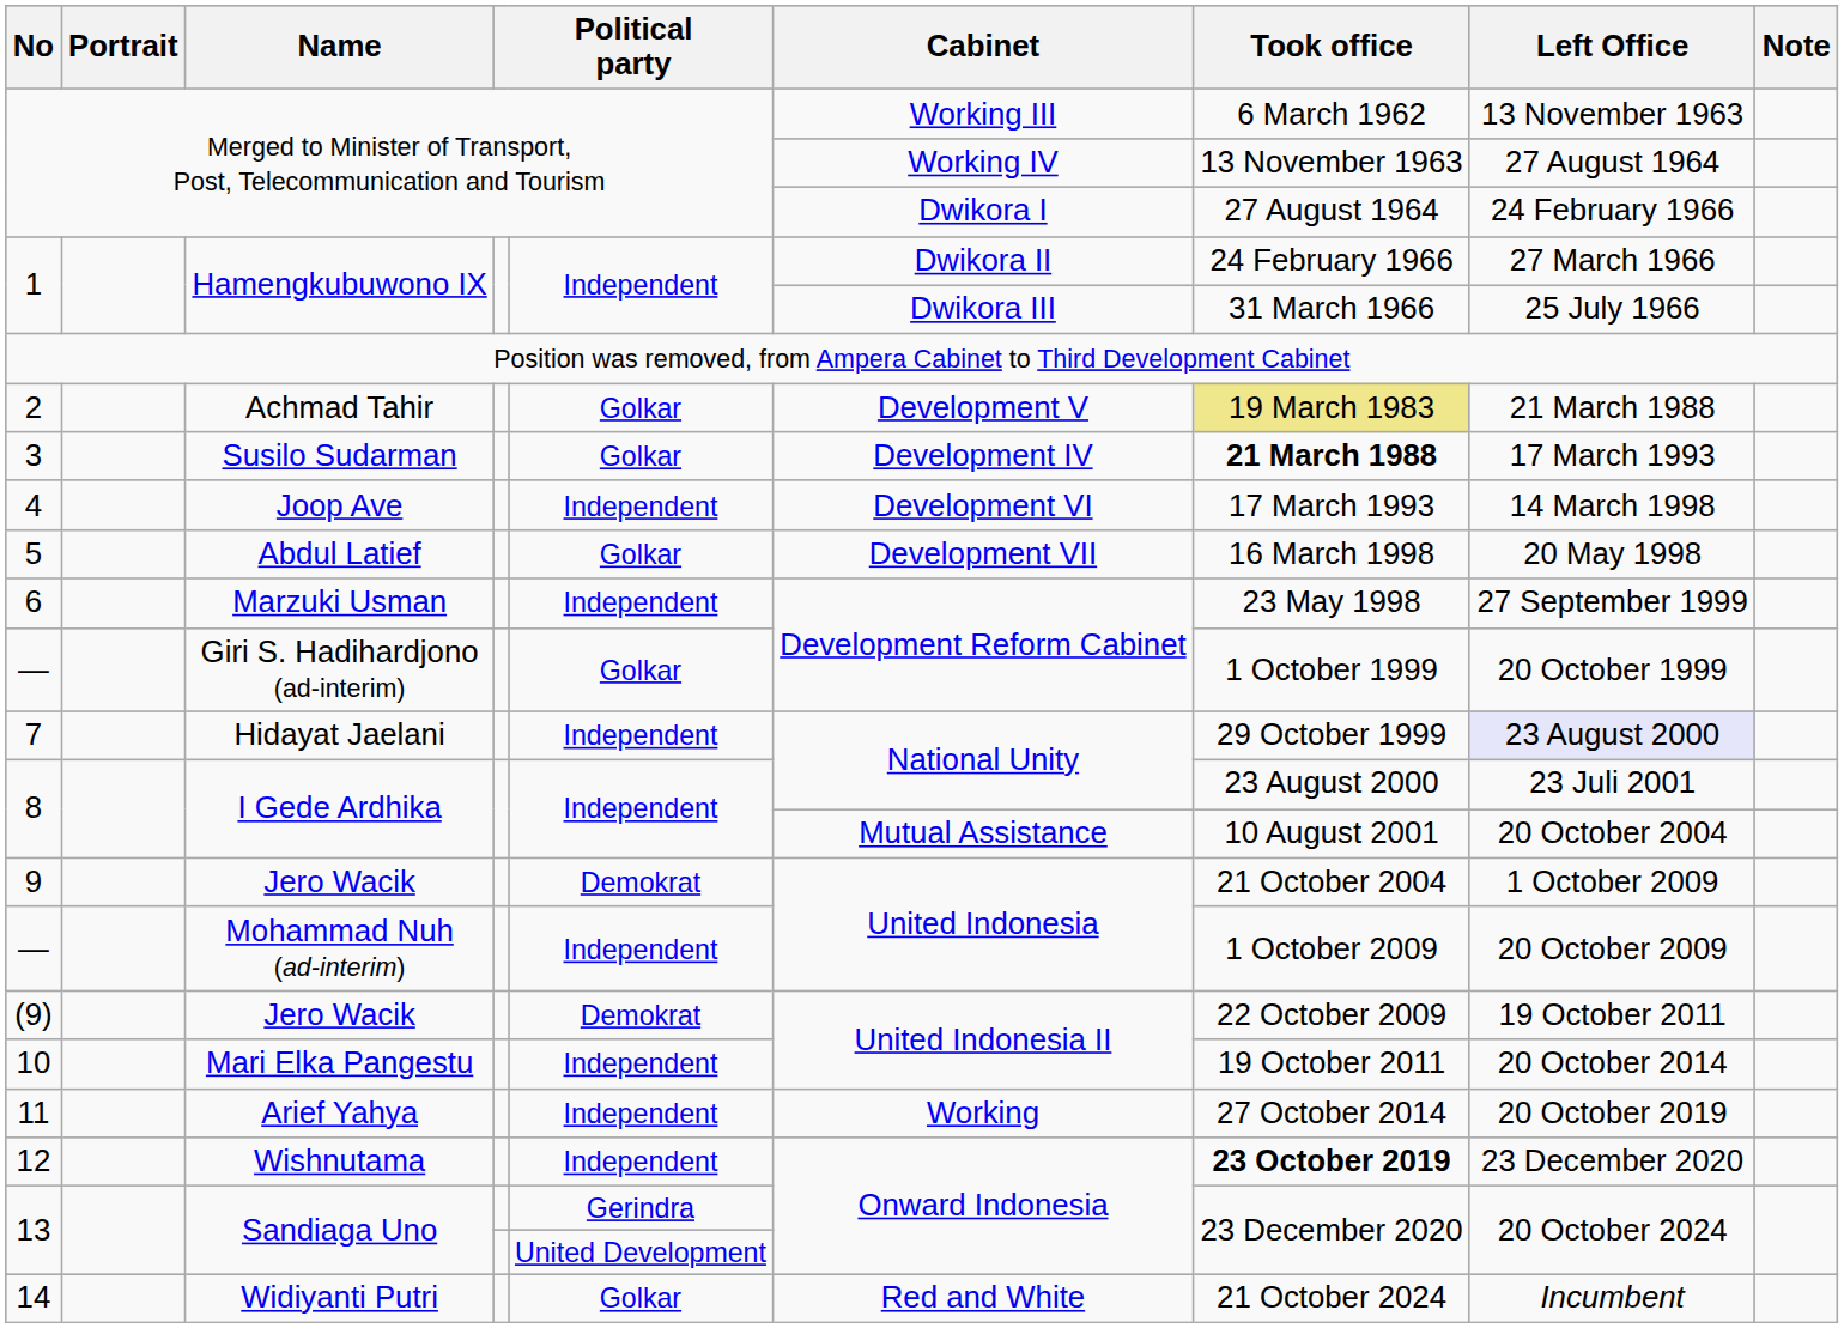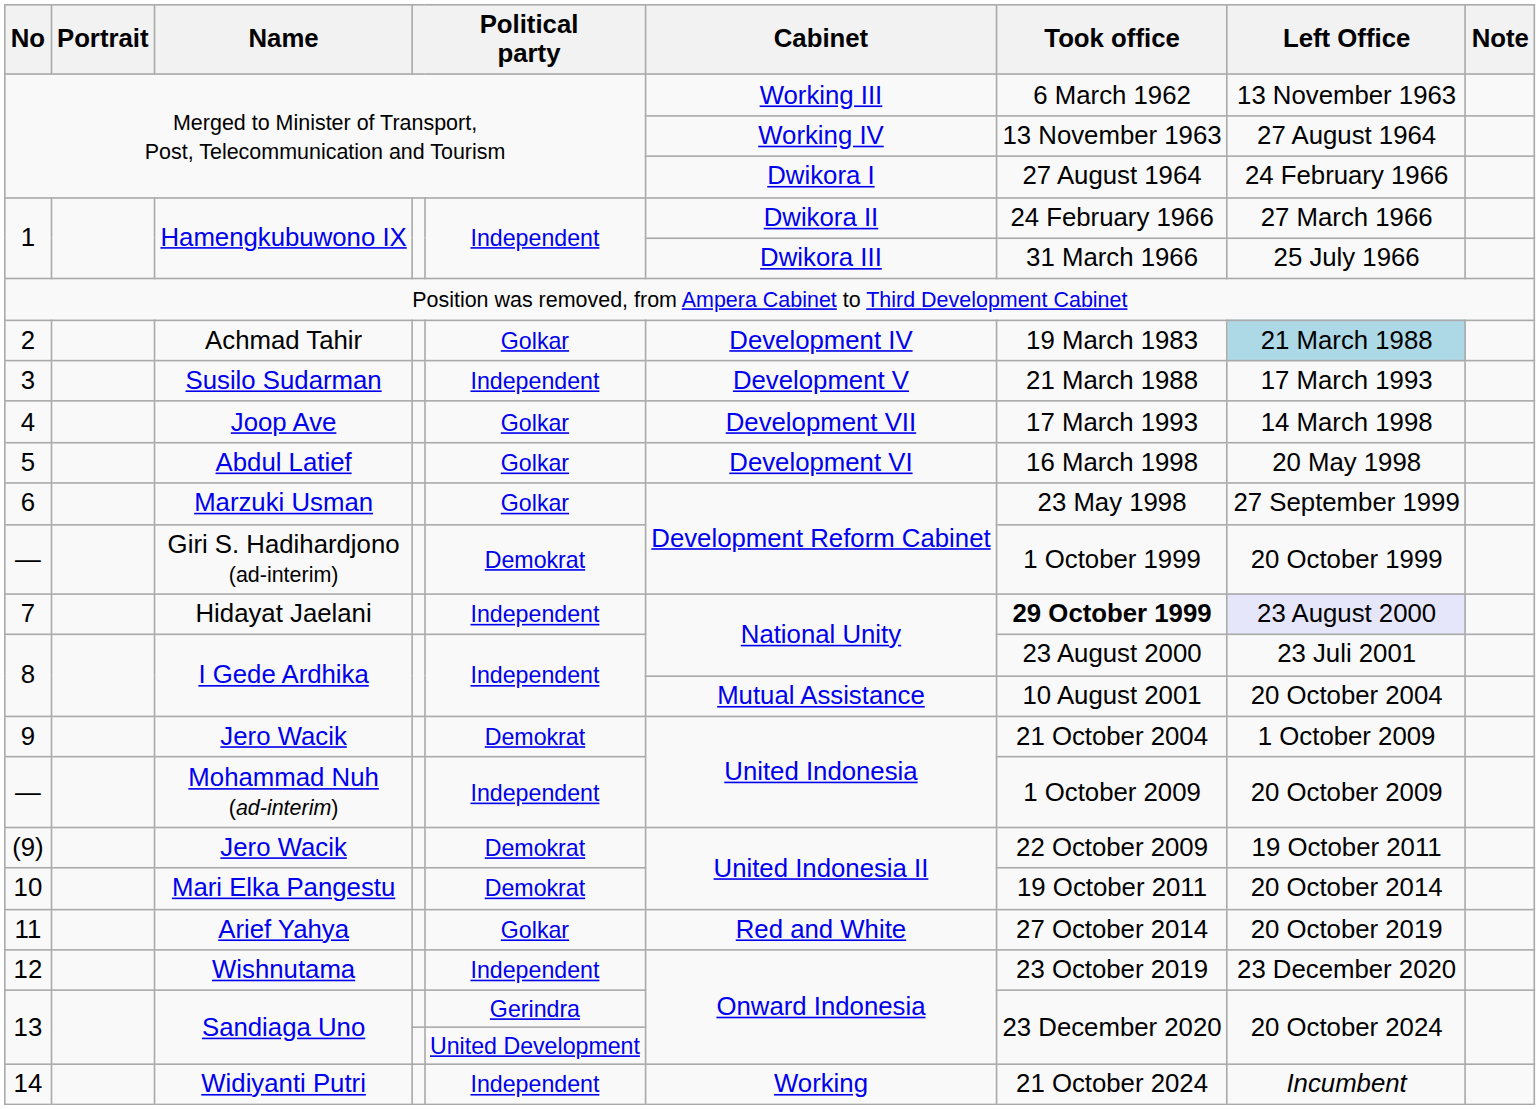 <table class="wikitable" style="text-align:center;">
 <tr style="background-color:#cfc;">
 <th>No</th>
 <th>Portrait</th>
 <th>Name</th>
 <th colspan=2>Political<br>party</th>
 <th>Cabinet</th>
 <th>Took office</th>
 <th>Left Office</th>
 <th>Note</th>
 </tr>
 <tr style="background:#F9F9F9">
 <td colspan=5 rowspan=3><small>Merged to Minister of Transport,<br> Post, Telecommunication and Tourism</small></td>
 <td><a href='#'>Working III</a></td>
 <td>6 March 1962</td>
 <td>13 November 1963</td>
 <td></td>
 </tr>
 <tr style="background:#F9F9F9">
 <td><a href='#'>Working IV</a></td>
 <td>13 November 1963</td>
 <td>27 August 1964</td>
 <td> </td>
 </tr>
 <tr style="background:#F9F9F9">
 <td><a href='#'>Dwikora I</a></td>
 <td>27 August 1964</td>
 <td>24 February 1966</td>
 <td> </td>
 </tr>
 <tr style="background:#F9F9F9">
 <td rowspan=2>1</td>
 <td rowspan=2></td>
 <td rowspan=2><a href='#'>Hamengkubuwono IX</a></td>
 <td rowspan=2 bgcolor=></td>
 <td rowspan=2 style="font-size: 90%"><a href='#'>Independent</a></td>
 <td><a href='#'>Dwikora II</a></td>
 <td>24 February 1966</td>
 <td>27 March 1966</td>
 <td></td>
 </tr>
 <tr>
 <td><a href='#'>Dwikora III</a></td>
 <td>31 March 1966</td>
 <td>25 July 1966</td>
 <td></td>
 </tr>
 <tr>
 <td colspan=9><small>Position was removed, from <a href='#'>Ampera Cabinet</a> to <a href='#'>Third Development Cabinet</a></small></td>
 </tr>
 <tr>
 <td>2</td>
 <td></td>
 <td>Achmad Tahir</td>
 <td bgcolor=></td>
 <td style="font-size: 90%"><a href='#'>Golkar</a></td>
-<td><a href='#'>Development V</a></td>
-<td style="background: khaki;">19 March 1983</td>
-<td>21 March 1988</td>
+<td><a href='#'>Development IV</a></td>
+<td>19 March 1983</td>
+<td style="background: lightblue;">21 March 1988</td>
 <td></td>
 </tr>
 <tr style="background:#F9F9F9">
 <td>3</td>
 <td></td>
 <td><a href='#'>Susilo Sudarman</a></td>
 <td bgcolor=></td>
-<td style="font-size: 90%"><a href='#'>Golkar</a></td>
-<td><a href='#'>Development IV</a></td>
-<td><strong>21 March 1988</strong></td>
+<td style="font-size: 90%"><a href='#'>Independent</a></td>
+<td><a href='#'>Development V</a></td>
+<td>21 March 1988</td>
 <td>17 March 1993</td>
 <td> </td>
 </tr>
 <tr style="background:#F9F9F9">
 <td>4</td>
 <td></td>
 <td><a href='#'>Joop Ave</a></td>
 <td bgcolor=></td>
-<td style="font-size: 90%"><a href='#'>Independent</a></td>
-<td><a href='#'>Development VI</a></td>
+<td style="font-size: 90%"><a href='#'>Golkar</a></td>
+<td><a href='#'>Development VII</a></td>
 <td>17 March 1993</td>
 <td>14 March 1998</td>
 <td> </td>
 </tr>
 <tr style="background:#F9F9F9">
 <td>5</td>
 <td></td>
 <td><a href='#'>Abdul Latief</a></td>
 <td bgcolor=></td>
 <td style="font-size: 90%"><a href='#'>Golkar</a></td>
-<td><a href='#'>Development VII</a></td>
+<td><a href='#'>Development VI</a></td>
 <td>16 March 1998</td>
 <td>20 May 1998</td>
 <td></td>
 </tr>
 <tr style="background:#F9F9F9">
 <td>6</td>
 <td></td>
 <td><a href='#'>Marzuki Usman</a></td>
 <td bgcolor=></td>
-<td style="font-size: 90%"><a href='#'>Independent</a></td>
+<td style="font-size: 90%"><a href='#'>Golkar</a></td>
 <td rowspan=2><a href='#'>Development Reform Cabinet</a></td>
 <td>23 May 1998</td>
 <td>27 September 1999</td>
 <td></td>
 </tr>
 <tr style="background:#F9F9F9">
 <td>—</td>
 <td></td>
 <td>Giri S. Hadihardjono<br><small>(ad-interim)</small></td>
 <td bgcolor=></td>
-<td style="font-size: 90%"><a href='#'>Golkar</a></td>
+<td style="font-size: 90%"><a href='#'>Demokrat</a></td>
 <td>1 October 1999</td>
 <td>20 October 1999</td>
 <td></td>
 </tr>
 <tr>
 <td>7</td>
 <td></td>
 <td>Hidayat Jaelani</td>
 <td bgcolor=></td>
 <td style="font-size: 90%"><a href='#'>Independent</a></td>
 <td rowspan=2><a href='#'>National Unity</a></td>
-<td>29 October 1999</td>
+<td><strong>29 October 1999</strong></td>
 <td style="background: lavender;">23 August 2000</td>
 <td></td>
 </tr>
 <tr style="background:#F9F9F9">
 <td align="center" rowspan=2>8</td>
 <td rowspan=2></td>
 <td rowspan=2><a href='#'>I Gede Ardhika</a></td>
 <td rowspan=2 bgcolor=></td>
 <td rowspan=2 style="font-size: 90%"><a href='#'>Independent</a></td>
 <td>23 August 2000</td>
 <td>23 Juli 2001</td>
 <td></td>
 </tr>
 <tr style="background:#F9F9F9">
 <td><a href='#'>Mutual Assistance</a></td>
 <td>10 August 2001</td>
 <td>20 October 2004</td>
 <td></td>
 </tr>
 <tr style="background:#F9F9F9">
 <td>9</td>
 <td></td>
 <td><a href='#'>Jero Wacik</a></td>
 <td bgcolor=></td>
 <td style="font-size: 90%"><a href='#'>Demokrat</a></td>
 <td rowspan=2><a href='#'>United Indonesia</a></td>
 <td>21 October 2004</td>
 <td>1 October 2009</td>
 <td></td>
 </tr>
 <tr style="background:#F9F9F9">
 <td>—</td>
 <td></td>
 <td><a href='#'>Mohammad Nuh</a><small><br> (<em>ad-interim</em>)</small></td>
 <td bgcolor=></td>
 <td style="font-size: 90%"><a href='#'>Independent</a></td>
 <td>1 October 2009</td>
 <td>20 October 2009</td>
 <td></td>
 </tr>
 <tr style="background:#F9F9F9">
 <td>(9)</td>
 <td></td>
 <td><a href='#'>Jero Wacik</a></td>
 <td bgcolor=></td>
 <td style="font-size: 90%"><a href='#'>Demokrat</a></td>
 <td rowspan=2><a href='#'>United Indonesia II</a></td>
 <td>22 October 2009</td>
 <td>19 October 2011</td>
 <td></td>
 </tr>
 <tr style="background:#F9F9F9">
 <td>10</td>
 <td></td>
 <td><a href='#'>Mari Elka Pangestu</a></td>
 <td bgcolor=></td>
-<td style="font-size: 90%"><a href='#'>Independent</a></td>
+<td style="font-size: 90%"><a href='#'>Demokrat</a></td>
 <td>19 October 2011</td>
 <td>20 October 2014</td>
 <td></td>
 </tr>
 <tr style="background:#F9F9F9">
 <td>11</td>
 <td></td>
 <td><a href='#'>Arief Yahya</a></td>
 <td bgcolor=></td>
-<td style="font-size: 90%"><a href='#'>Independent</a></td>
-<td><a href='#'>Working</a></td>
+<td style="font-size: 90%"><a href='#'>Golkar</a></td>
+<td><a href='#'>Red and White</a></td>
 <td>27 October 2014</td>
 <td>20 October 2019</td>
 <td></td>
 </tr>
 <tr style="background:#F9F9F9">
 <td>12</td>
 <td></td>
 <td><a href='#'>Wishnutama</a></td>
 <td bgcolor=></td>
 <td style="font-size: 90%"><a href='#'>Independent</a></td>
 <td rowspan=3><a href='#'>Onward Indonesia</a></td>
-<td><strong>23 October 2019</strong></td>
+<td>23 October 2019</td>
 <td>23 December 2020</td>
 <td><br></td>
 </tr>
 <tr style="background:#F9F9F9">
 <td rowspan=2>13</td>
 <td rowspan=2></td>
 <td rowspan=2><a href='#'>Sandiaga Uno</a></td>
 <td bgcolor=></td>
 <td style="font-size: 90%"><a href='#'>Gerindra</a></td>
 <td rowspan=2>23 December 2020</td>
 <td rowspan=2>20 October 2024</td>
 <td rowspan=2></td>
 </tr>
 <tr>
 <td bgcolor=></td>
 <td style="font-size: 90%"><a href='#'>United Development</a></td>
 </tr>
 <tr style="background:#F9F9F9">
 <td>14</td>
 <td></td>
 <td><a href='#'>Widiyanti Putri</a></td>
 <td bgcolor=></td>
-<td style="font-size: 90%"><a href='#'>Golkar</a></td>
-<td><a href='#'>Red and White</a></td>
+<td style="font-size: 90%"><a href='#'>Independent</a></td>
+<td><a href='#'>Working</a></td>
 <td>21 October 2024</td>
 <td><em>Incumbent</em></td>
 <td></td>
 </tr>
 </table>
